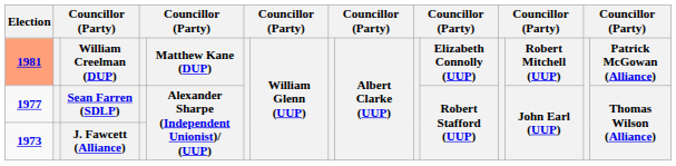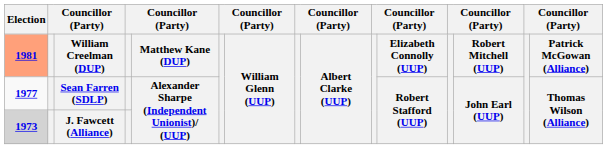 <table class="wikitable" style="text-align:center">
 <tr>
 <th scope="col" width="50">Election</th>
 <th scope="col" width="150" colspan = "2">Councillor<br> (Party)</th>
 <th scope="col" width="150" colspan = "2">Councillor<br> (Party)</th>
 <th scope="col" width="150" colspan = "2">Councillor<br> (Party)</th>
 <th scope="col" width="150" colspan = "2">Councillor<br> (Party)</th>
 <th scope="col" width="150" colspan = "2">Councillor<br> (Party)</th>
 <th scope="col" width="150" colspan = "2">Councillor<br> (Party)</th>
 <th scope="col" width="150" colspan = "2">Councillor<br> (Party)</th>
 </tr>
 <tr>
 <td style="background: lightsalmon;"><strong><a href='#'>1981</a></strong></td>
 <th rowspan="1" width="1" style="background-color: "></th>
 <th rowspan = "1">William Creelman <br> (<a href='#'>DUP</a>)</th>
 <th rowspan="1" width="1" style="background-color: "></th>
 <th rowspan = "1">Matthew Kane <br> (<a href='#'>DUP</a>)</th>
 <th rowspan="3" width="1" style="background-color: "></th>
 <th rowspan = "3">William Glenn <br> (<a href='#'>UUP</a>)</th>
 <th rowspan="3" width="1" style="background-color: "></th>
 <th rowspan = "3">Albert Clarke <br> (<a href='#'>UUP</a>)</th>
 <th rowspan="3" width="1" style="background-color: "></th>
 <th rowspan = "1">Elizabeth Connolly <br> (<a href='#'>UUP</a>)</th>
 <th rowspan="3" width="1" style="background-color: "></th>
 <th rowspan = "1">Robert Mitchell <br> (<a href='#'>UUP</a>)</th>
 <th rowspan="3" width="1" style="background-color: "></th>
 <th rowspan = "1">Patrick McGowan <br> (<a href='#'>Alliance</a>)</th>
 </tr>
 <tr>
 <td><strong><a href='#'>1977</a></strong></td>
 <th rowspan="1" width="1" style="background-color: "></th>
 <th rowspan = "1"><a href='#'>Sean Farren</a> <br> (<a href='#'>SDLP</a>)</th>
 <th rowspan="1" width="1" style="background-color: "></th>
 <th rowspan = "2">Alexander Sharpe <br> (<a href='#'>Independent Unionist</a>)/ <br> (<a href='#'>UUP</a>)</th>
 <th rowspan = "2">Robert Stafford <br> (<a href='#'>UUP</a>)</th>
 <th rowspan = "2">John Earl <br> (<a href='#'>UUP</a>)</th>
 <th rowspan = "2">Thomas Wilson <br> (<a href='#'>Alliance</a>)</th>
 </tr>
 <tr>
-<td><strong><a href='#'>1973</a></strong></td>
+<td style="background: lightgrey;"><strong><a href='#'>1973</a></strong></td>
 <th rowspan="1" width="1" style="background-color: "></th>
 <th rowspan = "1">J. Fawcett <br> (<a href='#'>Alliance</a>)</th>
 <th rowspan="2" width="1" style="background-color: "></th>
 </tr>
 </table>
